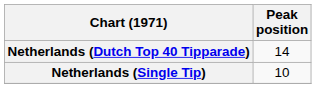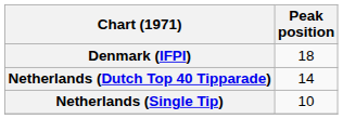 <table class="wikitable sortable plainrowheaders" style="text-align:center">
 <tr>
 <th>Chart (1971)</th>
 <th>Peak<br>position</th>
+</tr>
+<tr>
+<th scope="row">Denmark (<a href='#'>IFPI</a>)</th>
+<td>18</td>
 </tr>
 <tr>
 <th scope="row">Netherlands (<a href='#'>Dutch Top 40 Tipparade</a>)</th>
 <td>14</td>
 </tr>
 <tr>
 <th scope="row">Netherlands (<a href='#'>Single Tip</a>)</th>
 <td>10</td>
 </tr>
 <tr>
 </tr>
 </table>
